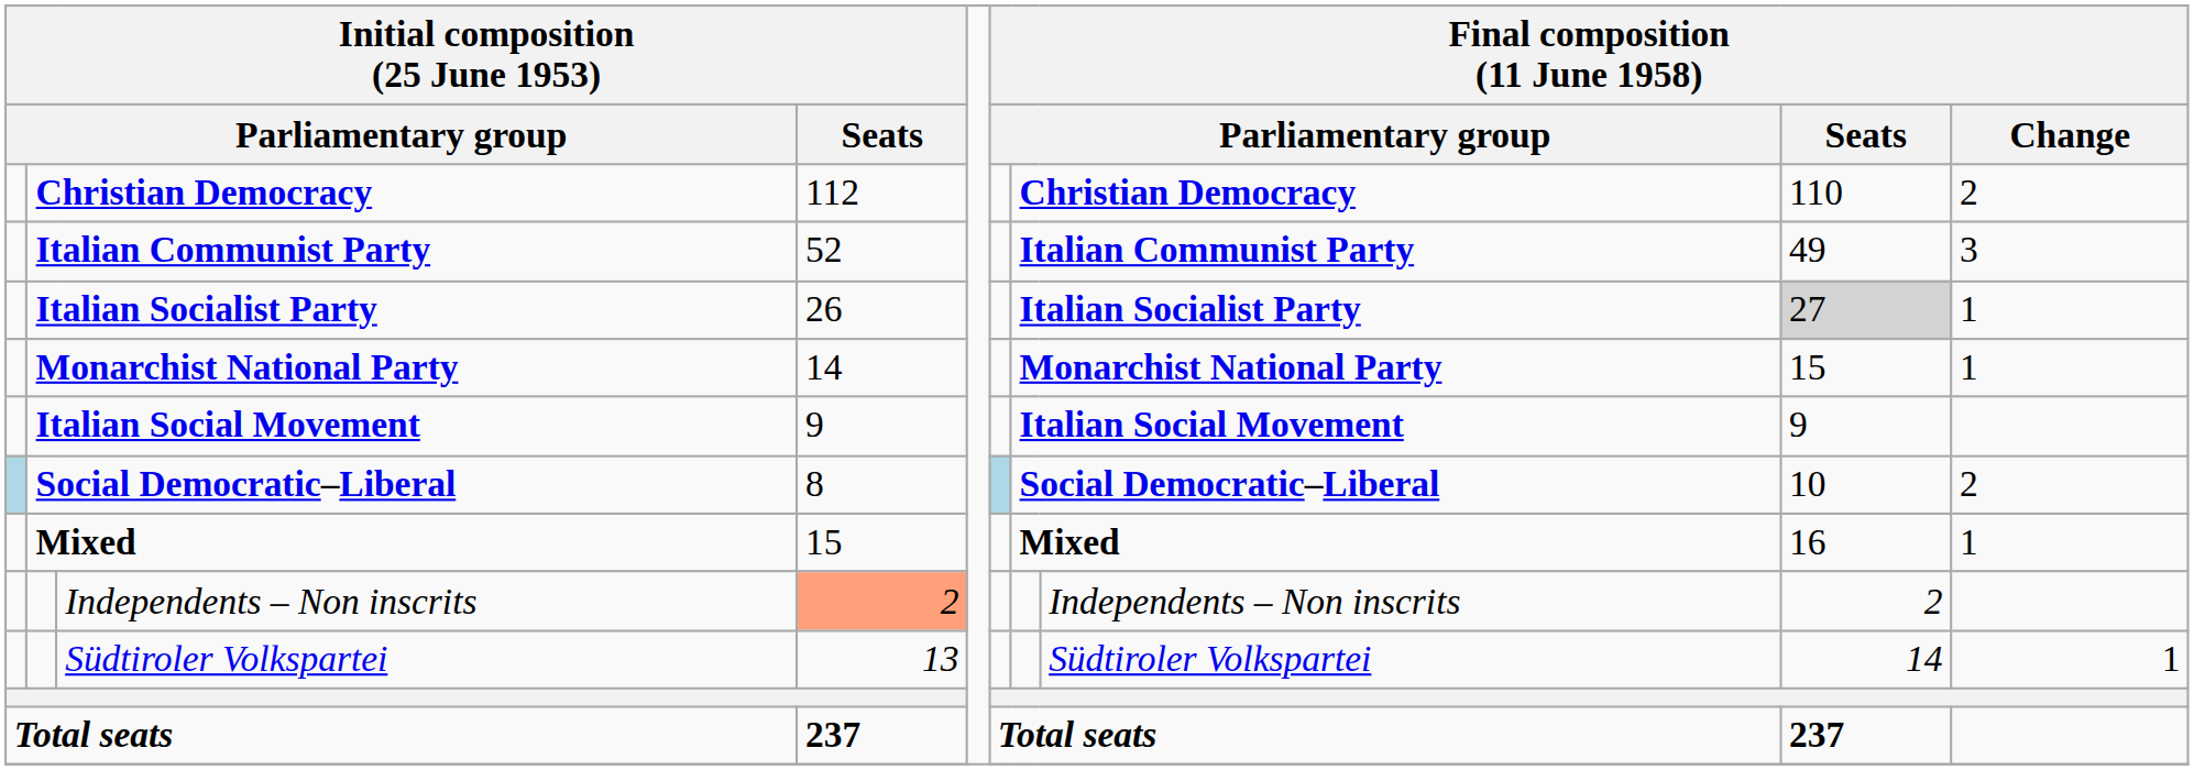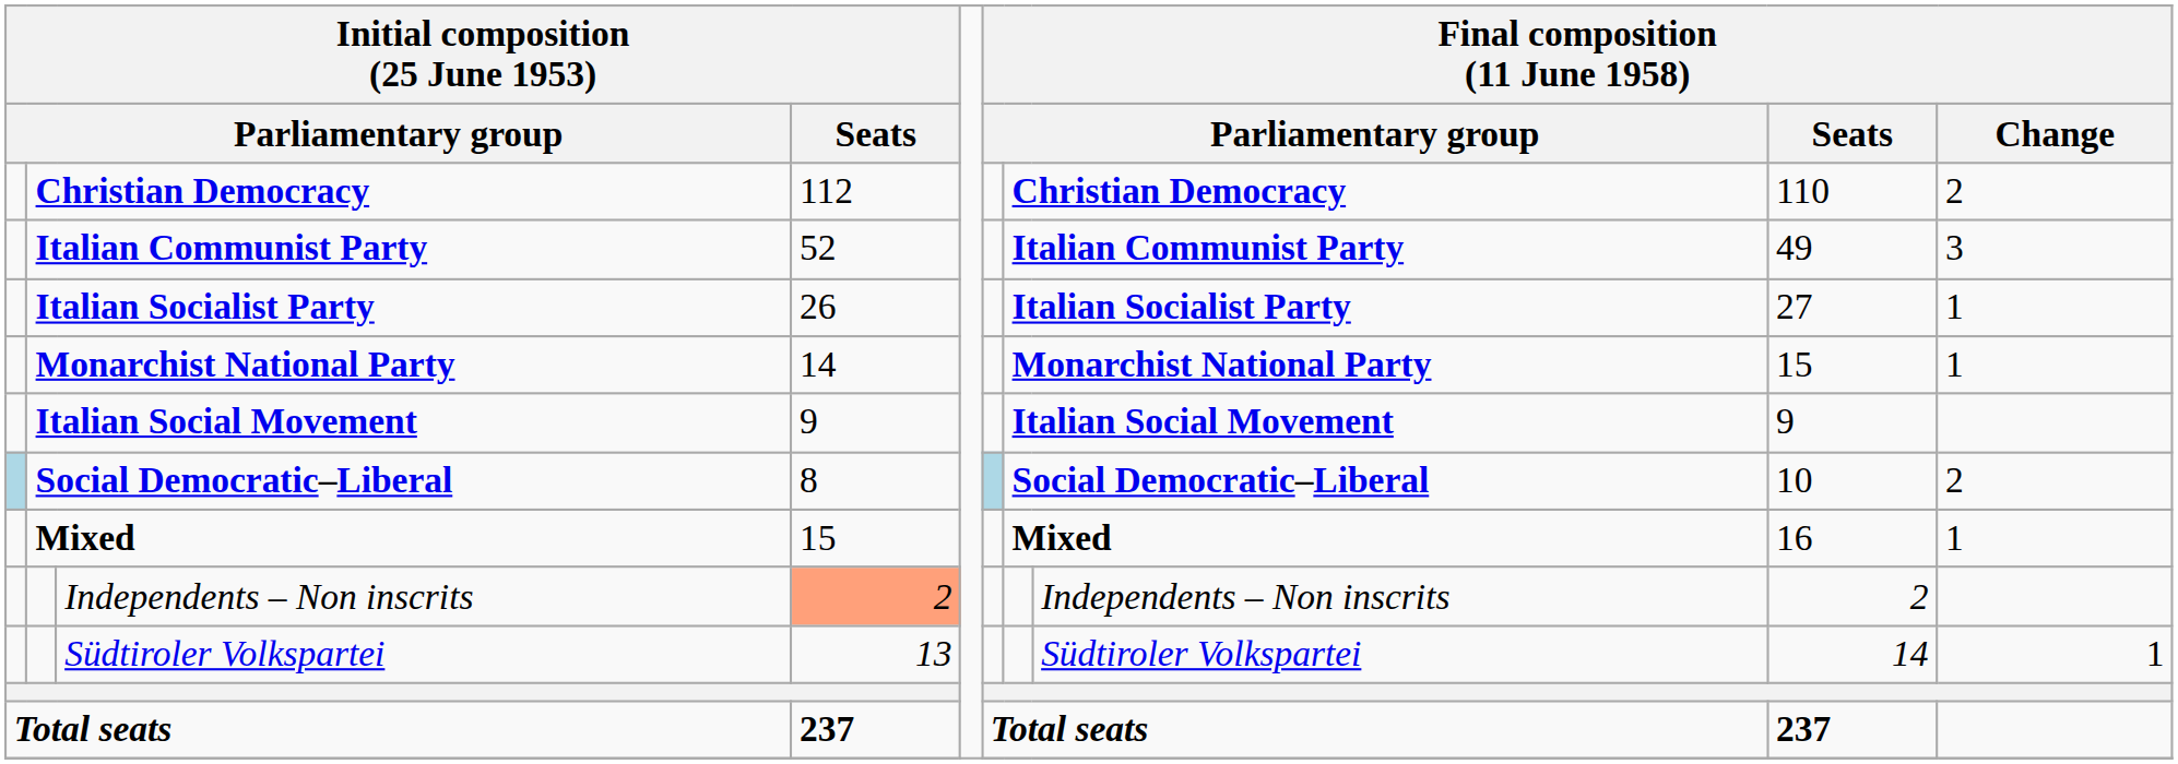 <table class="wikitable" style="width : 60%;">
 <tr>
 <th colspan="4">Initial composition<br>(25 June 1953)</th>
 <td rowspan="30" style="width : 1%;"></td>
 <th colspan="5">Final composition<br>(11 June 1958)</th>
 </tr>
 <tr>
 <th colspan="3">Parliamentary group</th>
 <th>Seats</th>
 <th colspan="3">Parliamentary group</th>
 <th>Seats</th>
 <th>Change</th>
 </tr>
 <tr>
 <td></td>
 <td colspan = "2"><strong><a href='#'>Christian Democracy</a></strong></td>
 <td>112</td>
 <td></td>
 <td colspan = "2"><strong><a href='#'>Christian Democracy</a></strong></td>
 <td>110</td>
 <td> 2</td>
 </tr>
 <tr>
 <td></td>
 <td colspan = "2"><strong><a href='#'>Italian Communist Party</a></strong></td>
 <td>52</td>
 <td></td>
 <td colspan = "2"><strong><a href='#'>Italian Communist Party</a></strong></td>
 <td>49</td>
 <td> 3</td>
 </tr>
 <tr>
 <td></td>
 <td colspan = "2"><strong><a href='#'>Italian Socialist Party</a></strong></td>
 <td>26</td>
 <td></td>
 <td colspan = "2"><strong><a href='#'>Italian Socialist Party</a></strong></td>
-<td style="background: lightgrey;">27</td>
+<td>27</td>
 <td> 1</td>
 </tr>
 <tr>
 <td></td>
 <td colspan = "2"><strong><a href='#'>Monarchist National Party</a></strong></td>
 <td>14</td>
 <td></td>
 <td colspan = "2"><strong><a href='#'>Monarchist National Party</a></strong></td>
 <td>15</td>
 <td> 1</td>
 </tr>
 <tr>
 <td></td>
 <td colspan = "2"><strong><a href='#'>Italian Social Movement</a></strong></td>
 <td>9</td>
 <td></td>
 <td colspan = "2"><strong><a href='#'>Italian Social Movement</a></strong></td>
 <td>9</td>
 <td></td>
 </tr>
 <tr>
 <td bgcolor="lightblue" width=1%></td>
 <td colspan = "2"><strong><a href='#'>Social Democratic</a>–<a href='#'>Liberal</a></strong></td>
 <td>8</td>
 <td bgcolor="lightblue" width=1%></td>
 <td colspan = "2"><strong><a href='#'>Social Democratic</a>–<a href='#'>Liberal</a></strong></td>
 <td>10</td>
 <td> 2</td>
 </tr>
 <tr>
 <td></td>
 <td colspan = "2"><strong>Mixed</strong></td>
 <td>15</td>
 <td></td>
 <td colspan = "2"><strong>Mixed</strong></td>
 <td>16</td>
 <td> 1</td>
 </tr>
 <tr>
 <td></td>
 <td></td>
 <td><em>Independents – Non inscrits</em></td>
 <td align="right" style="background: lightsalmon;"><em>2</em></td>
 <td></td>
 <td></td>
 <td><em>Independents – Non inscrits</em></td>
 <td align="right"><em>2</em></td>
 <td align="right"></td>
 </tr>
 <tr>
 <td></td>
 <td></td>
 <td><em><a href='#'>Südtiroler Volkspartei</a></em></td>
 <td align="right"><em>13</em></td>
 <td></td>
 <td></td>
 <td><em><a href='#'>Südtiroler Volkspartei</a></em></td>
 <td align="right"><em>14</em></td>
 <td align="right"> 1</td>
 </tr>
 <tr>
 <th colspan="4"></th>
 <th colspan="5"></th>
 </tr>
 <tr>
 <td colspan="3"><strong><em>Total seats</em></strong></td>
 <td><strong>237</strong></td>
 <td colspan="3"><strong><em>Total seats</em></strong></td>
 <td><strong>237</strong></td>
 <td></td>
 </tr>
 <tr>
 </tr>
 </table>
